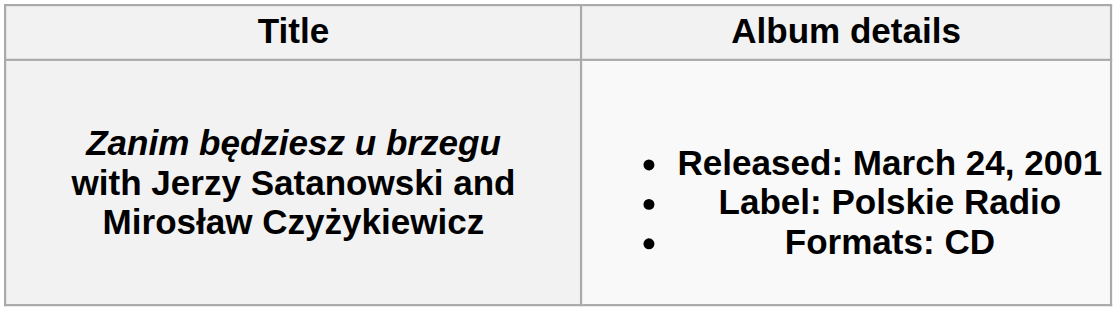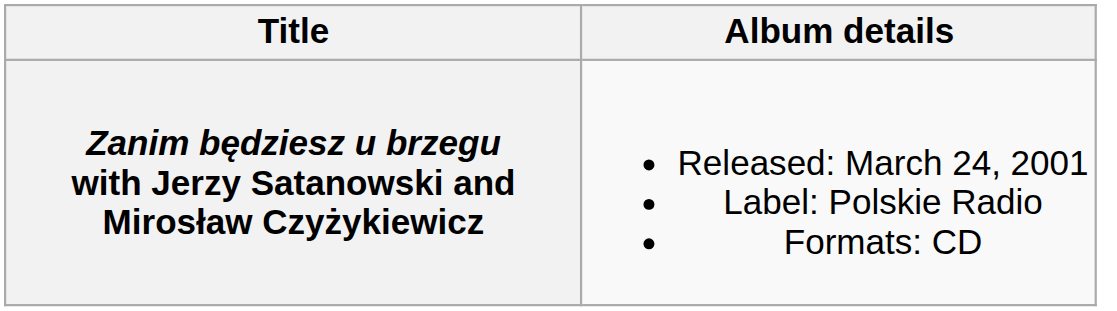 <table class="wikitable plainrowheaders" style="text-align:center;">
 <tr>
 <th scope="col" style="width:16em;">Title</th>
 <th scope="col">Album details</th>
 </tr>
 <tr>
 <th scope="row"><em>Zanim będziesz u brzegu</em><br>with Jerzy Satanowski and Mirosław Czyżykiewicz</th>
-<td><strong><br><ul><li>Released: March 24, 2001</li><li>Label: Polskie Radio</li><li>Formats: CD</li></ul></strong></td>
+<td><br><ul><li>Released: March 24, 2001</li><li>Label: Polskie Radio</li><li>Formats: CD</li></ul></td>
 </tr>
 </table>
